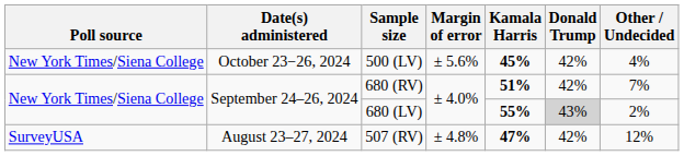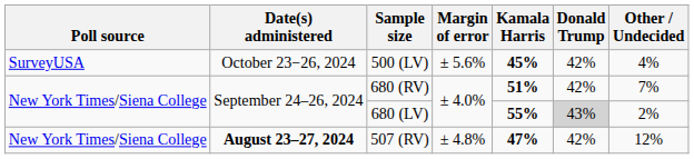 <table class="wikitable sortable mw-datatable" style="font-size:90%;text-align:center;line-height:17px">
 <tr valign=bottom>
 <th>Poll source</th>
 <th>Date(s)<br>administered</th>
 <th>Sample<br>size</th>
 <th>Margin<br>of error</th>
 <th class="unsortable">Kamala<br>Harris<br></th>
 <th class="unsortable">Donald<br>Trump<br></th>
 <th class="unsortable">Other /<br>Undecided</th>
 </tr>
 <tr>
-<td style="text-align:left;"><a href='#'>New York Times</a>/<a href='#'>Siena College</a></td>
+<td style="text-align:left;"><a href='#'>SurveyUSA</a></td>
 <td data-sort-value="2024-10-26">October 23−26, 2024</td>
 <td>500 (LV)</td>
 <td>± 5.6%</td>
 <td style="color:black;background-color:"><strong>45%</strong></td>
 <td>42%</td>
 <td>4%</td>
 </tr>
 <tr>
 <td style="text-align:left;" rowspan="2"><a href='#'>New York Times</a>/<a href='#'>Siena College</a></td>
 <td rowspan="2">September 24–26, 2024</td>
 <td>680 (RV)</td>
 <td rowspan="2">± 4.0%</td>
 <td style="color:black;background-color:"><strong>51%</strong></td>
 <td>42%</td>
 <td>7%</td>
 </tr>
 <tr>
 <td>680 (LV)</td>
 <td style="color:black;background-color:"><strong>55%</strong></td>
 <td style="background: lightgrey;">43%</td>
 <td>2%</td>
 </tr>
 <tr>
-<td style="text-align:left;"><a href='#'>SurveyUSA</a></td>
-<td>August 23–27, 2024</td>
+<td style="text-align:left;"><a href='#'>New York Times</a>/<a href='#'>Siena College</a></td>
+<td><strong>August 23–27, 2024</strong></td>
 <td>507 (RV)</td>
 <td>± 4.8%</td>
 <td style="color:black;background-color:"><strong>47%</strong></td>
 <td>42%</td>
 <td>12%</td>
 </tr>
 </table>
